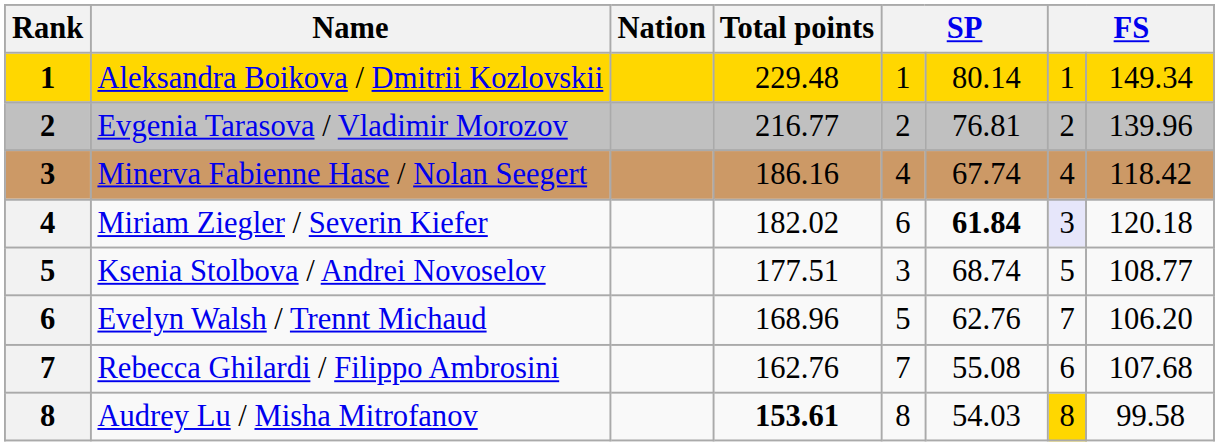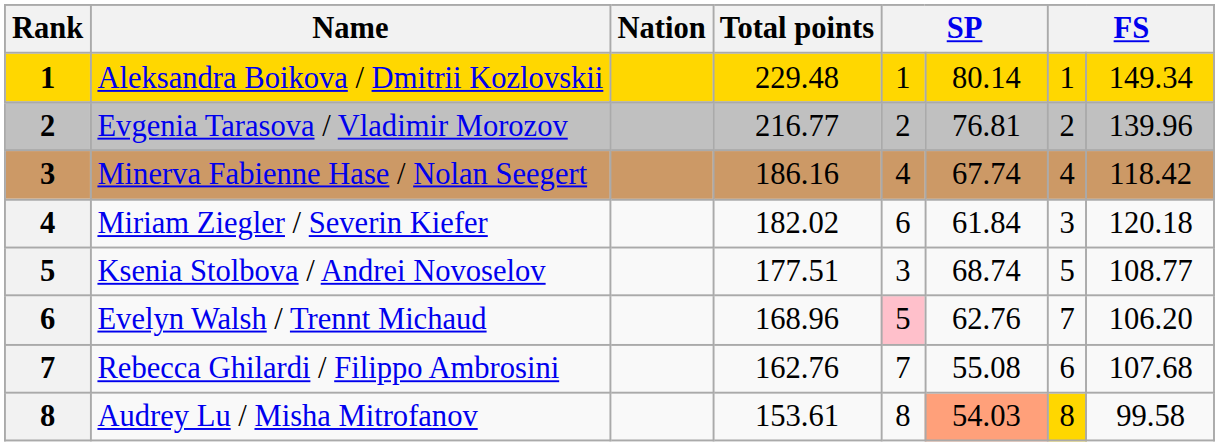 <table class="wikitable sortable">
 <tr>
 <th>Rank</th>
 <th>Name</th>
 <th>Nation</th>
 <th>Total points</th>
 <th colspan="2" width="80px"><a href='#'>SP</a></th>
 <th colspan="2" width="80px"><a href='#'>FS</a></th>
 </tr>
 <tr bgcolor="gold">
 <td align="center"><strong>1</strong></td>
 <td><a href='#'>Aleksandra Boikova</a> / <a href='#'>Dmitrii Kozlovskii</a></td>
 <td></td>
 <td align="center">229.48</td>
 <td align="center">1</td>
 <td align="center">80.14</td>
 <td align="center">1</td>
 <td align="center">149.34</td>
 </tr>
 <tr bgcolor="silver">
 <td align="center"><strong>2</strong></td>
 <td><a href='#'>Evgenia Tarasova</a> / <a href='#'>Vladimir Morozov</a></td>
 <td></td>
 <td align="center">216.77</td>
 <td align="center">2</td>
 <td align="center">76.81</td>
 <td align="center">2</td>
 <td align="center">139.96</td>
 </tr>
 <tr bgcolor="cc9966">
 <td align="center"><strong>3</strong></td>
 <td><a href='#'>Minerva Fabienne Hase</a> / <a href='#'>Nolan Seegert</a></td>
 <td></td>
 <td align="center">186.16</td>
 <td align="center">4</td>
 <td align="center">67.74</td>
 <td align="center">4</td>
 <td align="center">118.42</td>
 </tr>
 <tr>
 <th>4</th>
 <td><a href='#'>Miriam Ziegler</a> / <a href='#'>Severin Kiefer</a></td>
 <td></td>
 <td align="center">182.02</td>
 <td align="center">6</td>
-<td align="center"><strong>61.84</strong></td>
-<td align="center" style="background: lavender;">3</td>
+<td align="center">61.84</td>
+<td align="center">3</td>
 <td align="center">120.18</td>
 </tr>
 <tr>
 <th>5</th>
 <td><a href='#'>Ksenia Stolbova</a> / <a href='#'>Andrei Novoselov</a></td>
 <td></td>
 <td align="center">177.51</td>
 <td align="center">3</td>
 <td align="center">68.74</td>
 <td align="center">5</td>
 <td align="center">108.77</td>
 </tr>
 <tr>
 <th>6</th>
 <td><a href='#'>Evelyn Walsh</a> / <a href='#'>Trennt Michaud</a></td>
 <td></td>
 <td align="center">168.96</td>
-<td align="center">5</td>
+<td align="center" style="background: pink;">5</td>
 <td align="center">62.76</td>
 <td align="center">7</td>
 <td align="center">106.20</td>
 </tr>
 <tr>
 <th>7</th>
 <td><a href='#'>Rebecca Ghilardi</a> / <a href='#'>Filippo Ambrosini</a></td>
 <td></td>
 <td align="center">162.76</td>
 <td align="center">7</td>
 <td align="center">55.08</td>
 <td align="center">6</td>
 <td align="center">107.68</td>
 </tr>
 <tr>
 <th>8</th>
 <td><a href='#'>Audrey Lu</a> / <a href='#'>Misha Mitrofanov</a></td>
 <td></td>
-<td align="center"><strong>153.61</strong></td>
+<td align="center">153.61</td>
 <td align="center">8</td>
-<td align="center">54.03</td>
+<td align="center" style="background: lightsalmon;">54.03</td>
 <td align="center" style="background: gold;">8</td>
 <td align="center">99.58</td>
 </tr>
 </table>
